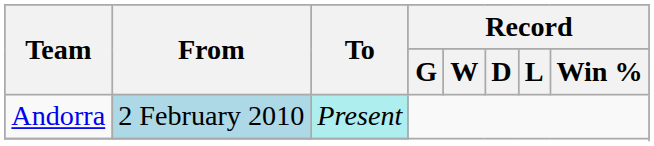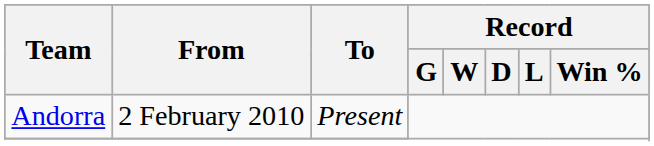 <table class="wikitable" style="text-align: center">
 <tr>
 <th rowspan="2">Team</th>
 <th rowspan="2">From</th>
 <th rowspan="2">To</th>
 <th colspan="5">Record</th>
 </tr>
 <tr>
 <th>G</th>
 <th>W</th>
 <th>D</th>
 <th>L</th>
 <th>Win %</th>
 </tr>
 <tr>
 <td align=left><a href='#'>Andorra</a></td>
-<td align=left style="background: lightblue;">2 February 2010</td>
-<td align=left style="background: paleturquoise;"><em>Present</em><br></td>
+<td align=left>2 February 2010</td>
+<td align=left><em>Present</em><br></td>
 </tr>
 <tr>
 </tr>
 </table>
